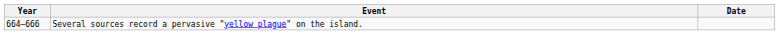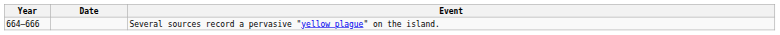 <table class="wikitable" width="100%">
 <tr>
 <th style="width:6%">Year</th>
+<th style="width:10%">Date</th>
 <th>Event</th>
-<th style="width:10%">Date</th>
 </tr>
 <tr>
 <td>664–666</td>
+<td></td>
 <td>Several sources record a pervasive "<a href='#'>yellow plague</a>" on the island.</td>
-<td></td>
 </tr>
 </table>
